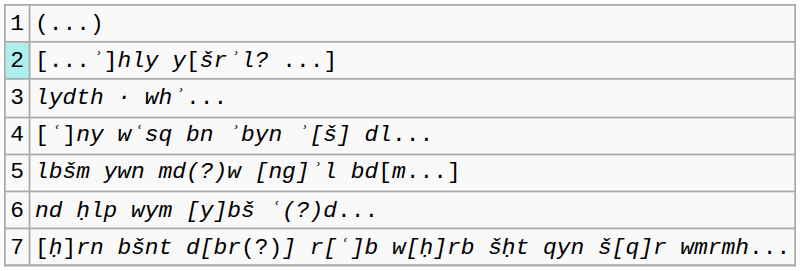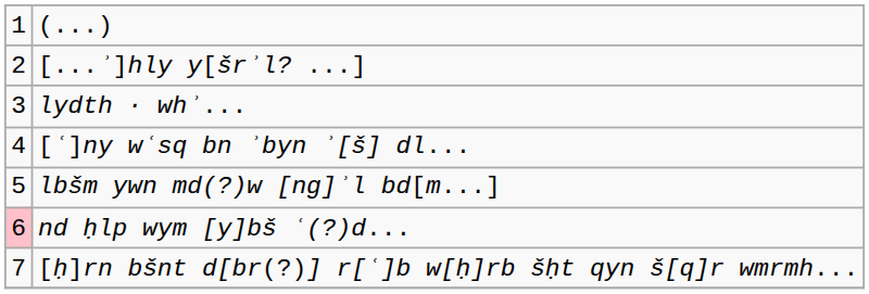 <table class="wikitable">
 <tr>
 <td>1</td>
 <td>(...)<br></td>
 </tr>
 <tr>
-<td style="background: paleturquoise;">2</td>
+<td>2</td>
 <td>[...<em>ʾ</em>]<em>hly y</em>[<em>šrʾl?</em> ...] <br></td>
 </tr>
 <tr>
 <td>3</td>
 <td><em>lydth · whʾ</em>... <br></td>
 </tr>
 <tr>
 <td>4</td>
 <td>[<em>ʿ</em>]<em>ny wʿsq bn ʾbyn ʾ[š] dl</em>... <br></td>
 </tr>
 <tr>
 <td>5</td>
 <td><em>lbšm ywn md(?)w [ng]ʾl bd</em>[<em>m</em>...] <br></td>
 </tr>
 <tr>
-<td>6</td>
+<td style="background: pink;">6</td>
 <td><em>nd ḥlp wym [y]bš ʿ(?)d</em>...  <br></td>
 </tr>
 <tr>
 <td>7</td>
 <td>[<em>ḥ</em>]<em>rn bšnt d[br</em>(?)<em>] r[ʿ]b w[ḥ]rb šḥt qyn š[q]r wmrmh</em>...</td>
 </tr>
 <tr>
 </tr>
 </table>
